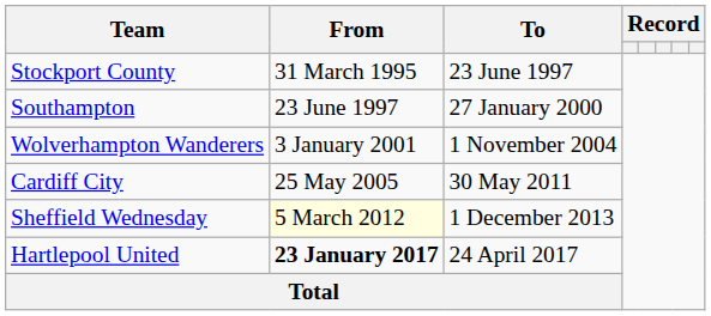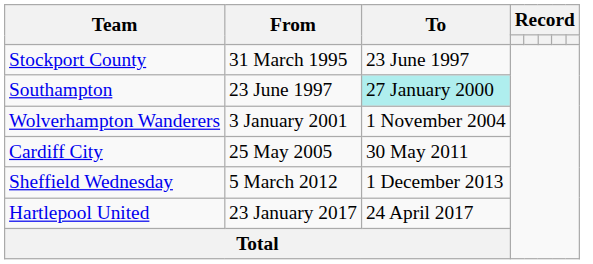 <table class=wikitable style="text-align: center">
 <tr>
 <th rowspan=2>Team</th>
 <th rowspan=2>From</th>
 <th rowspan=2>To</th>
 <th colspan=5>Record</th>
 </tr>
 <tr>
 <th></th>
 <th></th>
 <th></th>
 <th></th>
 <th></th>
 </tr>
 <tr>
 <td align=left><a href='#'>Stockport County</a></td>
 <td align=left>31 March 1995</td>
 <td align=left>23 June 1997<br></td>
 </tr>
 <tr>
 <td align=left><a href='#'>Southampton</a></td>
 <td align=left>23 June 1997</td>
-<td align=left>27 January 2000<br></td>
+<td align=left style="background: paleturquoise;">27 January 2000<br></td>
 </tr>
 <tr>
 <td align=left><a href='#'>Wolverhampton Wanderers</a></td>
 <td align=left>3 January 2001</td>
 <td align=left>1 November 2004<br></td>
 </tr>
 <tr>
 <td align=left><a href='#'>Cardiff City</a></td>
 <td align=left>25 May 2005</td>
 <td align=left>30 May 2011<br></td>
 </tr>
 <tr>
 <td align=left><a href='#'>Sheffield Wednesday</a></td>
-<td align=left style="background: lightyellow;">5 March 2012</td>
+<td align=left>5 March 2012</td>
 <td align=left>1 December 2013<br></td>
 </tr>
 <tr>
 <td align=left><a href='#'>Hartlepool United</a></td>
-<td align=left><strong>23 January 2017</strong></td>
+<td align=left>23 January 2017</td>
 <td align=left>24 April 2017<br></td>
 </tr>
 <tr>
 <th colspan=3>Total<br></th>
 </tr>
 </table>
